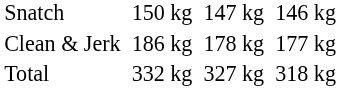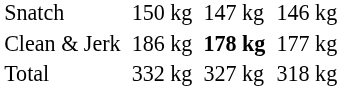 <table>
 <tr>
 <td>Snatch</td>
 <td></td>
 <td>150 kg</td>
 <td></td>
 <td>147 kg</td>
 <td></td>
 <td>146 kg</td>
 </tr>
 <tr>
 <td>Clean & Jerk</td>
 <td></td>
 <td>186 kg</td>
 <td></td>
-<td>178 kg</td>
+<td><strong>178 kg</strong></td>
 <td></td>
 <td>177 kg</td>
 </tr>
 <tr>
 <td>Total</td>
 <td></td>
 <td>332 kg</td>
 <td></td>
 <td>327 kg</td>
 <td></td>
 <td>318 kg</td>
 </tr>
 </table>
